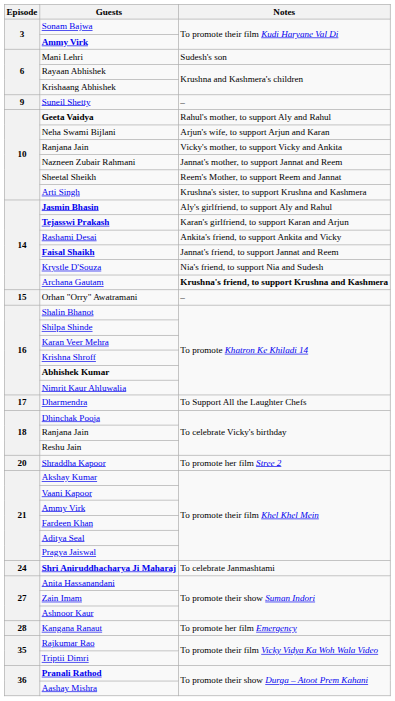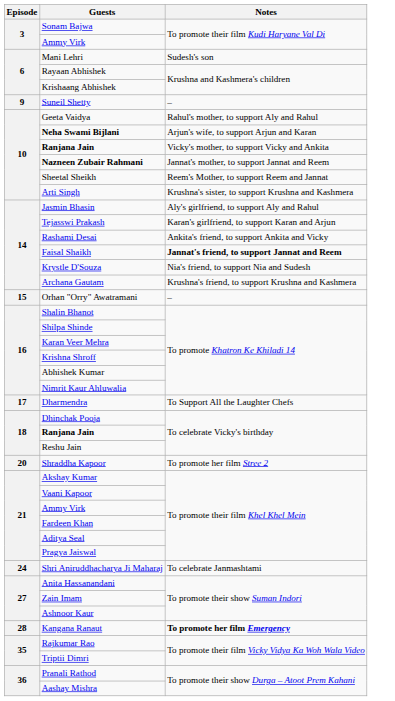 <table class="wikitable" style=font-size:85%;>
 <tr>
 <th>Episode</th>
 <th>Guests</th>
 <th>Notes</th>
 </tr>
 <tr>
 <th rowspan="2">3</th>
 <td><a href='#'>Sonam Bajwa</a></td>
 <td rowspan="2">To promote their film <em><a href='#'>Kudi Haryane Val Di</a></em></td>
 </tr>
 <tr>
-<td><strong><a href='#'>Ammy Virk</a></strong></td>
+<td><a href='#'>Ammy Virk</a></td>
 </tr>
 <tr>
 <th rowspan="3">6</th>
 <td>Mani Lehri</td>
 <td>Sudesh's son</td>
 </tr>
 <tr>
 <td>Rayaan Abhishek</td>
 <td rowspan="2">Krushna and Kashmera's children</td>
 </tr>
 <tr>
 <td>Krishaang Abhishek</td>
 </tr>
 <tr>
 <th>9</th>
 <td><a href='#'>Suneil Shetty</a></td>
 <td>–</td>
 </tr>
 <tr>
 <th rowspan="6">10</th>
-<td><strong>Geeta Vaidya</strong></td>
+<td>Geeta Vaidya</td>
 <td>Rahul's mother, to support Aly and Rahul</td>
 </tr>
 <tr>
-<td>Neha Swami Bijlani</td>
+<td><strong>Neha Swami Bijlani</strong></td>
 <td>Arjun's wife, to support Arjun and Karan</td>
 </tr>
 <tr>
-<td>Ranjana Jain</td>
+<td><strong>Ranjana Jain</strong></td>
 <td>Vicky's mother, to support Vicky and Ankita</td>
 </tr>
 <tr>
-<td>Nazneen Zubair Rahmani</td>
+<td><strong>Nazneen Zubair Rahmani</strong></td>
 <td>Jannat's mother, to support Jannat and Reem</td>
 </tr>
 <tr>
 <td>Sheetal Sheikh</td>
 <td>Reem's Mother, to support Reem and Jannat</td>
 </tr>
 <tr>
 <td><a href='#'>Arti Singh</a></td>
 <td>Krushna's sister, to support Krushna and Kashmera</td>
 </tr>
 <tr>
 <th rowspan="6">14</th>
-<td><strong><a href='#'>Jasmin Bhasin</a></strong></td>
+<td><a href='#'>Jasmin Bhasin</a></td>
 <td>Aly's girlfriend, to support Aly and Rahul</td>
 </tr>
 <tr>
-<td><strong><a href='#'>Tejasswi Prakash</a></strong></td>
+<td><a href='#'>Tejasswi Prakash</a></td>
 <td>Karan's girlfriend, to support Karan and Arjun</td>
 </tr>
 <tr>
 <td><a href='#'>Rashami Desai</a></td>
 <td>Ankita's friend, to support Ankita and Vicky</td>
 </tr>
 <tr>
-<td><strong><a href='#'>Faisal Shaikh</a></strong></td>
-<td>Jannat's friend, to support Jannat and Reem</td>
+<td><a href='#'>Faisal Shaikh</a></td>
+<td><strong>Jannat's friend, to support Jannat and Reem</strong></td>
 </tr>
 <tr>
 <td><a href='#'>Krystle D'Souza</a></td>
 <td>Nia's friend, to support Nia and Sudesh</td>
 </tr>
 <tr>
 <td><a href='#'>Archana Gautam</a></td>
-<td><strong>Krushna's friend, to support Krushna and Kashmera</strong></td>
+<td>Krushna's friend, to support Krushna and Kashmera</td>
 </tr>
 <tr>
 <th>15</th>
 <td>Orhan "Orry" Awatramani</td>
 <td>–</td>
 </tr>
 <tr>
 <th rowspan="6">16</th>
 <td><a href='#'>Shalin Bhanot</a></td>
 <td rowspan="6">To promote <em><a href='#'>Khatron Ke Khiladi 14</a></em></td>
 </tr>
 <tr>
 <td><a href='#'>Shilpa Shinde</a></td>
 </tr>
 <tr>
 <td><a href='#'>Karan Veer Mehra</a></td>
 </tr>
 <tr>
 <td><a href='#'>Krishna Shroff</a></td>
 </tr>
 <tr>
-<td><strong>Abhishek Kumar</strong></td>
+<td>Abhishek Kumar</td>
 </tr>
 <tr>
 <td><a href='#'>Nimrit Kaur Ahluwalia</a></td>
 </tr>
 <tr>
 <th>17</th>
 <td><a href='#'>Dharmendra</a></td>
 <td>To Support All the Laughter Chefs</td>
 </tr>
 <tr>
 <th rowspan="3">18</th>
 <td><a href='#'>Dhinchak Pooja</a></td>
 <td rowspan="3">To celebrate Vicky's birthday</td>
 </tr>
 <tr>
-<td>Ranjana Jain</td>
+<td><strong>Ranjana Jain</strong></td>
 </tr>
 <tr>
 <td>Reshu Jain</td>
 </tr>
 <tr>
 <th>20</th>
 <td><a href='#'>Shraddha Kapoor</a></td>
 <td>To promote her film <em><a href='#'>Stree 2</a></em></td>
 </tr>
 <tr>
 <th rowspan="6">21</th>
 <td><a href='#'>Akshay Kumar</a></td>
 <td rowspan="6">To promote their film <em><a href='#'>Khel Khel Mein</a></em></td>
 </tr>
 <tr>
 <td><a href='#'>Vaani Kapoor</a></td>
 </tr>
 <tr>
 <td><a href='#'>Ammy Virk</a></td>
 </tr>
 <tr>
 <td><a href='#'>Fardeen Khan</a></td>
 </tr>
 <tr>
 <td><a href='#'>Aditya Seal</a></td>
 </tr>
 <tr>
 <td><a href='#'>Pragya Jaiswal</a></td>
 </tr>
 <tr>
 <th>24</th>
-<td><strong><a href='#'>Shri Aniruddhacharya Ji Maharaj</a></strong></td>
+<td><a href='#'>Shri Aniruddhacharya Ji Maharaj</a></td>
 <td>To celebrate Janmashtami</td>
 </tr>
 <tr>
 <th rowspan="3">27</th>
 <td><a href='#'>Anita Hassanandani</a></td>
 <td rowspan="3">To promote their show <em><a href='#'>Suman Indori</a></em></td>
 </tr>
 <tr>
 <td><a href='#'>Zain Imam</a></td>
 </tr>
 <tr>
 <td><a href='#'>Ashnoor Kaur</a></td>
 </tr>
 <tr>
 <th>28</th>
 <td><a href='#'>Kangana Ranaut</a></td>
-<td>To promote her film <em><a href='#'>Emergency</a></em></td>
+<td><strong>To promote her film <em><a href='#'>Emergency</a></em></strong></td>
 </tr>
 <tr>
 <th rowspan="2">35</th>
 <td><a href='#'>Rajkumar Rao</a></td>
 <td rowspan="2">To promote their film <em><a href='#'>Vicky Vidya Ka Woh Wala Video</a></em></td>
 </tr>
 <tr>
 <td><a href='#'>Triptii Dimri</a></td>
 </tr>
 <tr>
 <th rowspan="2">36</th>
-<td><strong><a href='#'>Pranali Rathod</a></strong></td>
+<td><a href='#'>Pranali Rathod</a></td>
 <td rowspan="2">To promote their show <em><a href='#'>Durga – Atoot Prem Kahani</a></em></td>
 </tr>
 <tr>
 <td><a href='#'>Aashay Mishra</a></td>
 </tr>
 </table>
